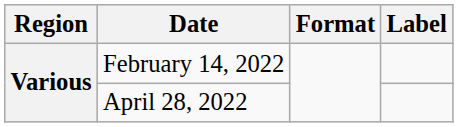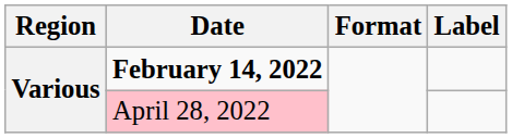 <table class="wikitable plainrowheaders">
 <tr>
 <th scope="col">Region</th>
 <th scope="col">Date</th>
 <th scope="col">Format</th>
 <th scope="col">Label</th>
 </tr>
 <tr>
 <th scope="row" rowspan="2">Various</th>
-<td>February 14, 2022</td>
+<td><strong>February 14, 2022</strong></td>
 <td rowspan="2"></td>
 <td></td>
 </tr>
 <tr>
-<td>April 28, 2022</td>
+<td style="background: pink;">April 28, 2022</td>
 <td></td>
 </tr>
 </table>
